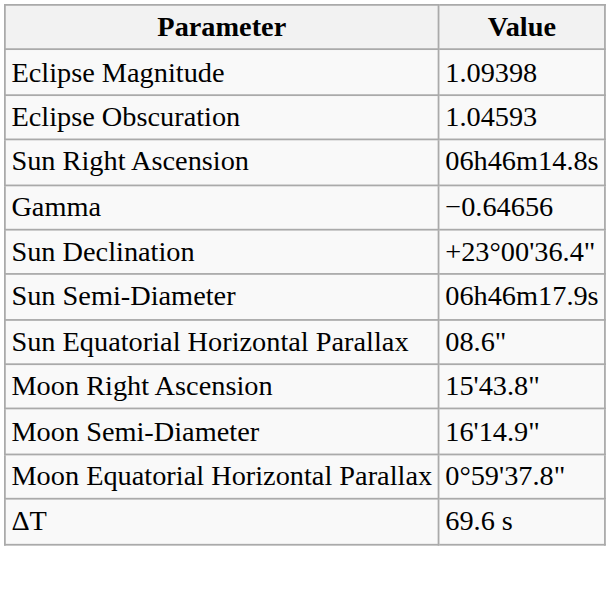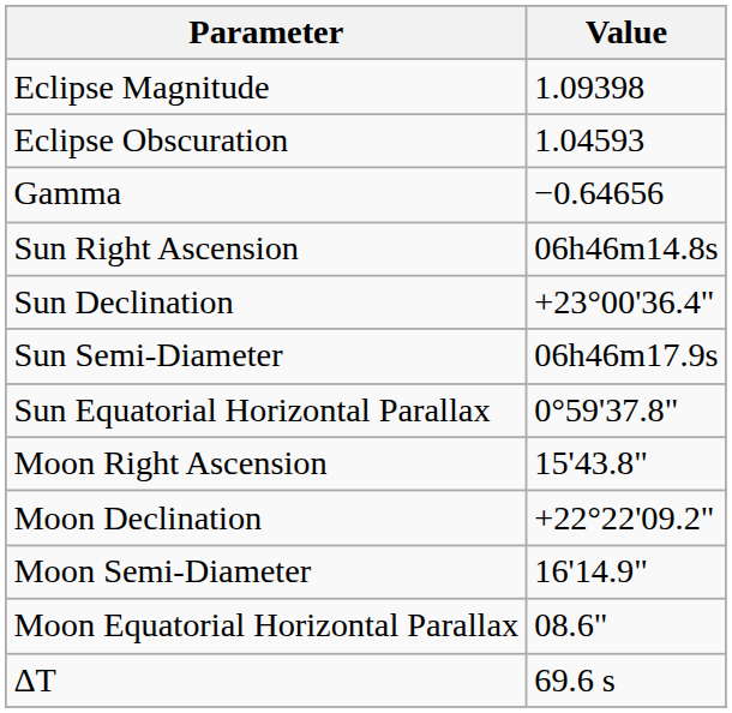 <table class="wikitable">
 <tr>
 <th>Parameter</th>
 <th>Value</th>
 </tr>
 <tr>
 <td>Eclipse Magnitude</td>
 <td>1.09398</td>
 </tr>
 <tr>
 <td>Eclipse Obscuration</td>
 <td>1.04593</td>
 </tr>
 <tr>
+<td>Gamma</td>
+<td>−0.64656</td>
+</tr>
+<tr>
 <td>Sun Right Ascension</td>
 <td>06h46m14.8s</td>
-</tr>
-<tr>
-<td>Gamma</td>
-<td>−0.64656</td>
 </tr>
 <tr>
 <td>Sun Declination</td>
 <td>+23°00'36.4"</td>
 </tr>
 <tr>
 <td>Sun Semi-Diameter</td>
 <td>06h46m17.9s</td>
 </tr>
 <tr>
 <td>Sun Equatorial Horizontal Parallax</td>
-<td>08.6"</td>
+<td>0°59'37.8"</td>
 </tr>
 <tr>
 <td>Moon Right Ascension</td>
 <td>15'43.8"</td>
+</tr>
+<tr>
+<td>Moon Declination</td>
+<td>+22°22'09.2"</td>
 </tr>
 <tr>
 <td>Moon Semi-Diameter</td>
 <td>16'14.9"</td>
 </tr>
 <tr>
 <td>Moon Equatorial Horizontal Parallax</td>
-<td>0°59'37.8"</td>
+<td>08.6"</td>
 </tr>
 <tr>
 <td>ΔT</td>
 <td>69.6 s</td>
 </tr>
 </table>
